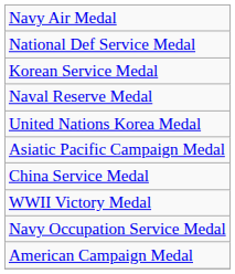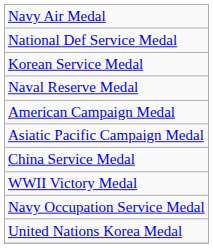 <table class="wikitable mw-collapsible mw-collapsed">
 <tr>
 <td><a href='#'>Navy Air Medal</a></td>
 </tr>
 <tr>
 <td><a href='#'>National Def Service Medal</a></td>
 </tr>
 <tr>
 <td><a href='#'>Korean Service Medal</a></td>
 </tr>
 <tr>
 <td><a href='#'>Naval Reserve Medal</a></td>
 </tr>
 <tr>
-<td><a href='#'>United Nations Korea Medal</a></td>
+<td><a href='#'>American Campaign Medal</a></td>
 </tr>
 <tr>
 <td><a href='#'>Asiatic Pacific Campaign Medal</a></td>
 </tr>
 <tr>
 <td><a href='#'>China Service Medal</a></td>
 </tr>
 <tr>
 <td><a href='#'>WWII Victory Medal</a></td>
 </tr>
 <tr>
 <td><a href='#'>Navy Occupation Service Medal</a></td>
 </tr>
 <tr>
-<td><a href='#'>American Campaign Medal</a></td>
+<td><a href='#'>United Nations Korea Medal</a></td>
 </tr>
 <tr>
 </tr>
 </table>
